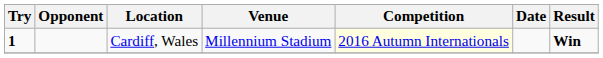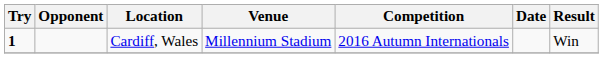 <table class="wikitable sortable">
 <tr>
 <th>Try</th>
 <th>Opponent</th>
 <th>Location</th>
 <th>Venue</th>
 <th>Competition</th>
 <th>Date</th>
 <th>Result</th>
 </tr>
 <tr>
 <td><strong>1</strong></td>
 <td></td>
 <td><a href='#'>Cardiff</a>, Wales</td>
 <td><a href='#'>Millennium Stadium</a></td>
-<td style="background: lightyellow;"><a href='#'>2016 Autumn Internationals</a></td>
+<td><a href='#'>2016 Autumn Internationals</a></td>
 <td></td>
-<td><strong>Win</strong></td>
+<td>Win</td>
 </tr>
 <tr>
 </tr>
 </table>
